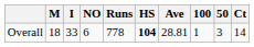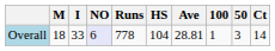 <table class="wikitable">
 <tr>
 <th></th>
 <th>M</th>
 <th>I</th>
 <th>NO</th>
 <th>Runs</th>
 <th>HS</th>
 <th>Ave</th>
 <th>100</th>
 <th>50</th>
 <th>Ct</th>
 </tr>
 <tr>
-<td>Overall</td>
+<td style="background: lightblue;">Overall</td>
 <td>18</td>
 <td>33</td>
-<td>6</td>
+<td style="background: lavender;">6</td>
 <td>778</td>
-<td><strong>104</strong></td>
+<td>104</td>
 <td>28.81</td>
 <td>1</td>
 <td>3</td>
 <td>14</td>
 </tr>
 </table>
